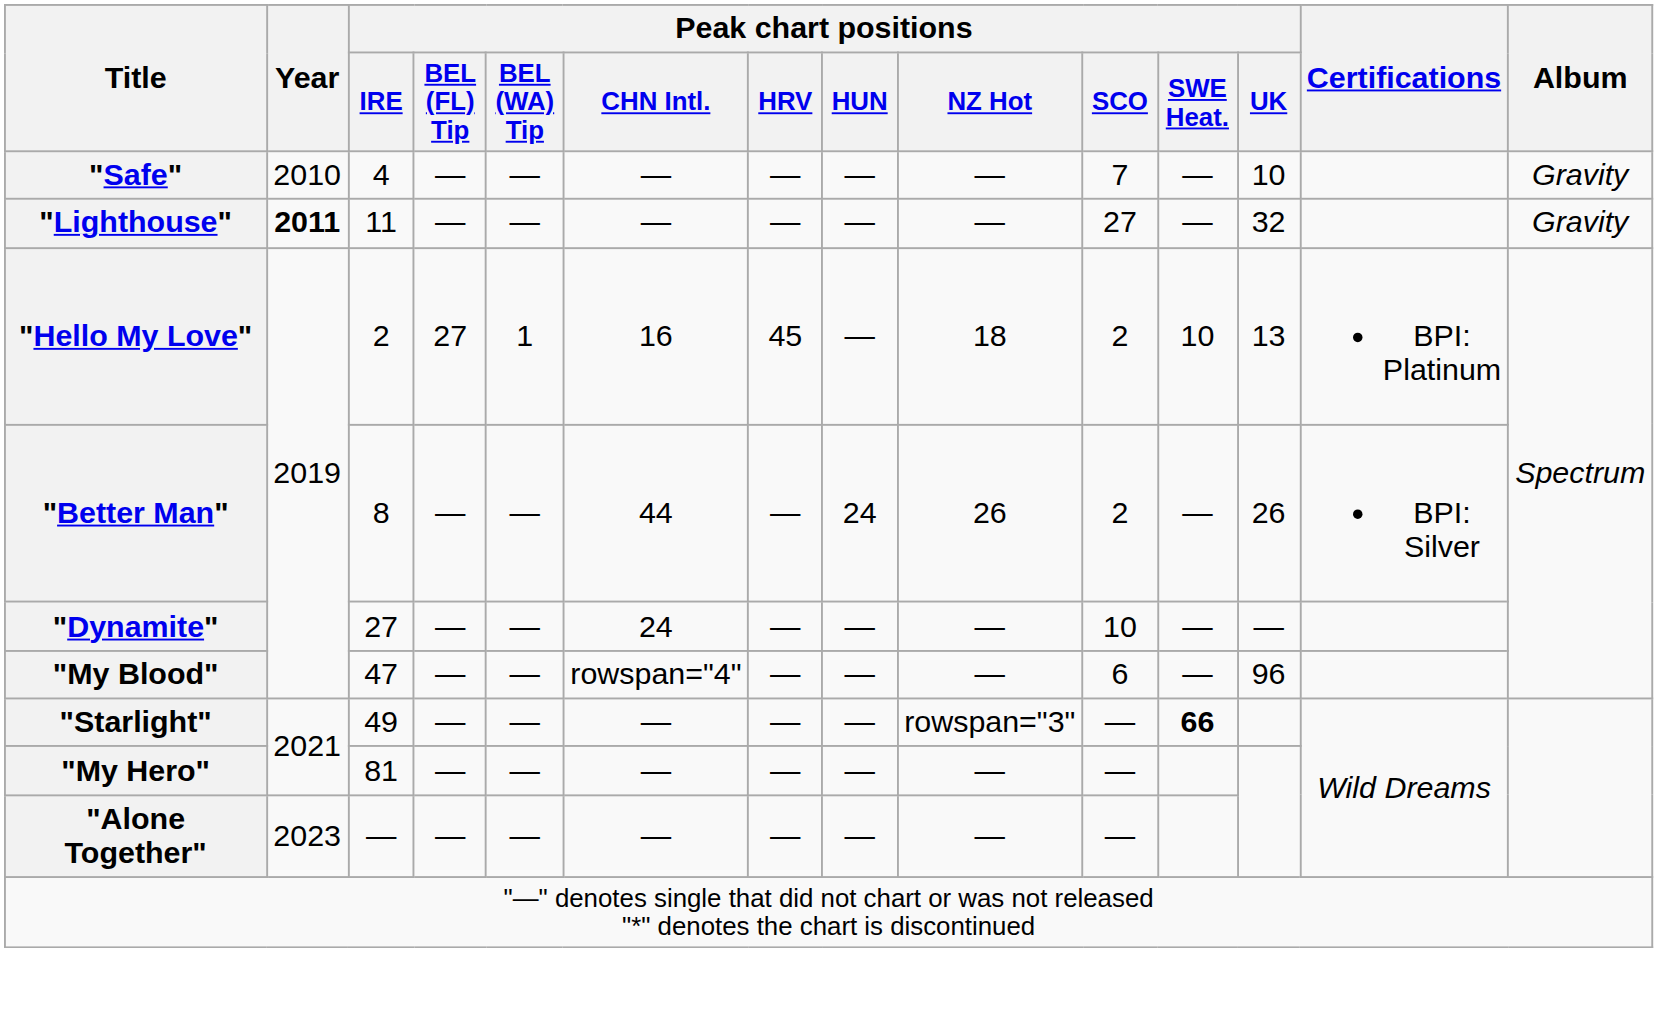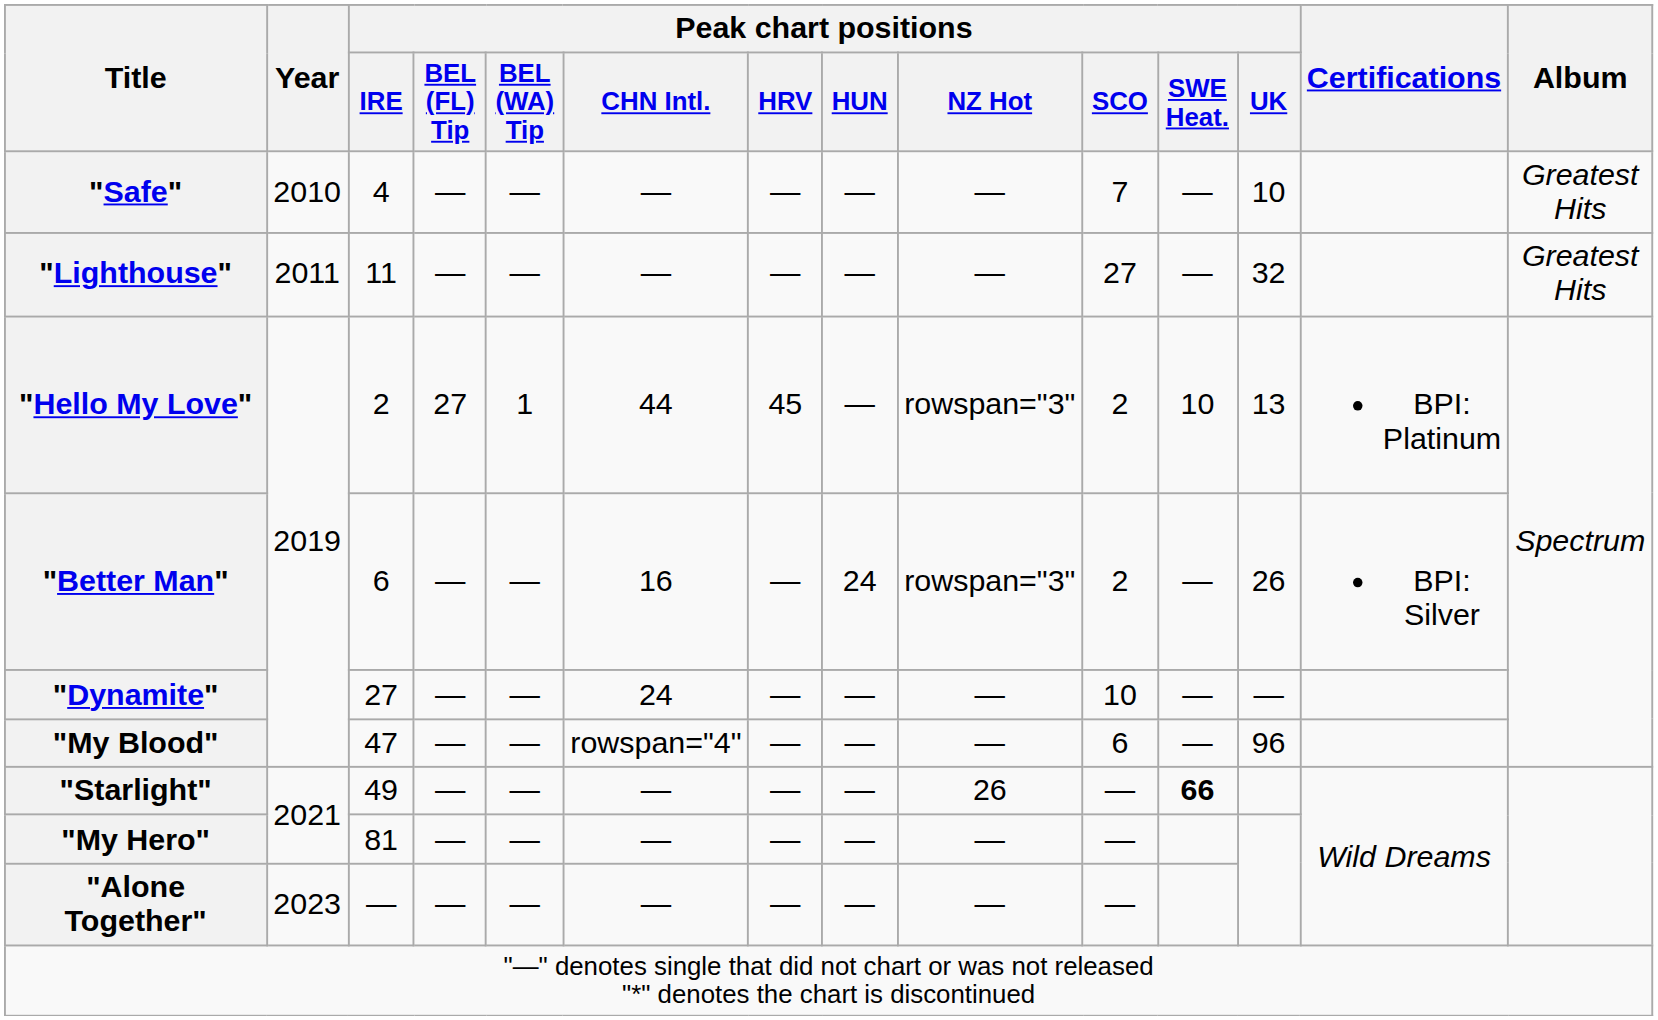 <table class="wikitable plainrowheaders" style="text-align:center;">
 <tr>
 <th scope="colw" rowspan="2" style="width:12em;">Title</th>
 <th scope="col" rowspan="2">Year</th>
 <th scope="col" colspan="10">Peak chart positions</th>
 <th scope="col" rowspan="2"><a href='#'>Certifications</a></th>
 <th scope="col" rowspan="2">Album</th>
 </tr>
 <tr>
 <th scope="col" style="width:3em;font-size:85%;"><a href='#'>IRE</a><br></th>
 <th scope="col" style="width:3em;font-size:85%;"><a href='#'>BEL<br>(FL) Tip</a><br></th>
 <th scope="col" style="width:3em;font-size:85%;"><a href='#'>BEL<br>(WA) Tip</a><br></th>
 <th scope="col" style="width:3em;font-size:85%;"><a href='#'>CHN Intl.</a><br></th>
 <th scope="col" style="width:3em;font-size:85%;"><a href='#'>HRV</a><br></th>
 <th scope="col" style="width:3em;font-size:85%;"><a href='#'>HUN</a><br></th>
 <th scope="col" style="width:3em;font-size:85%;"><a href='#'>NZ Hot</a><br></th>
 <th scope="col" style="width:3em;font-size:85%;"><a href='#'>SCO</a><br></th>
 <th scope="col" style="width:3em;font-size:85%;"><a href='#'>SWE<br>Heat.</a><br></th>
 <th scope="col" style="width:3em;font-size:85%;"><a href='#'>UK</a><br></th>
 </tr>
 <tr>
 <th scope="row">"<a href='#'>Safe</a>"</th>
 <td>2010</td>
 <td>4</td>
 <td>—</td>
 <td>—</td>
 <td>—</td>
 <td>—</td>
 <td>—</td>
 <td>—</td>
 <td>7</td>
 <td>—</td>
 <td>10</td>
 <td></td>
-<td><em>Gravity</em></td>
+<td><em>Greatest Hits</em></td>
 </tr>
 <tr>
 <th scope="row">"<a href='#'>Lighthouse</a>"</th>
-<td><strong>2011</strong></td>
+<td>2011</td>
 <td>11</td>
 <td>—</td>
 <td>—</td>
 <td>—</td>
 <td>—</td>
 <td>—</td>
 <td>—</td>
 <td>27</td>
 <td>—</td>
 <td>32</td>
 <td></td>
-<td><em>Gravity</em></td>
+<td><em>Greatest Hits</em></td>
 </tr>
 <tr>
 <th scope="row">"<a href='#'>Hello My Love</a>"</th>
 <td rowspan="4">2019</td>
 <td>2</td>
 <td>27</td>
 <td>1</td>
-<td>16</td>
+<td>44</td>
 <td>45</td>
 <td>—</td>
-<td>18</td>
+<td>rowspan="3" </td>
 <td>2</td>
 <td>10</td>
 <td>13</td>
 <td><br><ul><li>BPI: Platinum</li></ul></td>
 <td rowspan="4"><em>Spectrum</em></td>
 </tr>
 <tr>
 <th scope="row">"<a href='#'>Better Man</a>"</th>
-<td>8</td>
+<td>6</td>
 <td>—</td>
 <td>—</td>
-<td>44</td>
+<td>16</td>
 <td>—</td>
 <td>24</td>
-<td>26</td>
+<td>rowspan="3" </td>
 <td>2</td>
 <td>—</td>
 <td>26</td>
 <td><br><ul><li>BPI: Silver</li></ul></td>
 </tr>
 <tr>
 <th scope="row">"<a href='#'>Dynamite</a>"</th>
 <td>27</td>
 <td>—</td>
 <td>—</td>
 <td>24</td>
 <td>—</td>
 <td>—</td>
 <td>—</td>
 <td>10</td>
 <td>—</td>
 <td>—</td>
 <td></td>
 </tr>
 <tr>
 <th scope="row">"My Blood"</th>
 <td>47</td>
 <td>—</td>
 <td>—</td>
 <td>rowspan="4" </td>
 <td>—</td>
 <td>—</td>
 <td>—</td>
 <td>6</td>
 <td>—</td>
 <td>96</td>
 <td></td>
 </tr>
 <tr>
 <th scope="row">"Starlight"</th>
 <td rowspan="2">2021</td>
 <td>49</td>
 <td>—</td>
 <td>—</td>
 <td>—</td>
 <td>—</td>
 <td>—</td>
-<td>rowspan="3" </td>
+<td>26</td>
 <td>—</td>
 <td><strong>66</strong></td>
 <td></td>
 <td rowspan="3"><em>Wild Dreams</em></td>
 </tr>
 <tr>
 <th scope="row">"My Hero"</th>
 <td>81</td>
 <td>—</td>
 <td>—</td>
 <td>—</td>
 <td>—</td>
 <td>—</td>
 <td>—</td>
 <td>—</td>
 <td></td>
 </tr>
 <tr>
 <th scope="row">"Alone Together"</th>
 <td>2023</td>
 <td>—</td>
 <td>—</td>
 <td>—</td>
 <td>—</td>
 <td>—</td>
 <td>—</td>
 <td>—</td>
 <td>—</td>
 <td></td>
 </tr>
 <tr>
 <td colspan="14" style="font-size:85%">"—" denotes single that did not chart or was not released<br>"*" denotes the chart is discontinued</td>
 </tr>
 </table>
